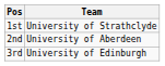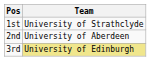 <table class="wikitable">
 <tr>
 <th>Pos</th>
 <th>Team</th>
 </tr>
 <tr>
 <td>1st</td>
 <td>University of Strathclyde</td>
 </tr>
 <tr>
 <td>2nd</td>
 <td>University of Aberdeen</td>
 </tr>
 <tr>
 <td>3rd</td>
-<td>University of Edinburgh</td>
+<td style="background: khaki;">University of Edinburgh</td>
 </tr>
 </table>
